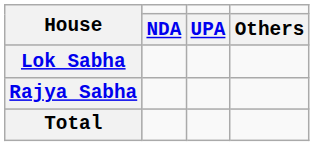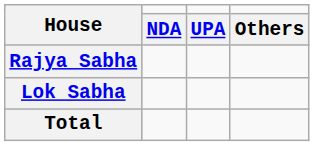 <table class="wikitable sortable">
 <tr>
 <th rowspan="2">House</th>
 <td></td>
 <td></td>
 <td></td>
 </tr>
 <tr>
 <th><a href='#'>NDA</a></th>
 <th><a href='#'>UPA</a></th>
 <th>Others</th>
 </tr>
 <tr>
-<th><a href='#'>Lok Sabha</a></th>
+<th><a href='#'>Rajya Sabha</a></th>
 <td></td>
 <td></td>
 <td></td>
 </tr>
 <tr>
-<th><a href='#'>Rajya Sabha</a></th>
+<th><a href='#'>Lok Sabha</a></th>
 <td></td>
 <td></td>
 <td></td>
 </tr>
 <tr>
 <th>Total</th>
 <td></td>
 <td></td>
 <td></td>
 </tr>
 </table>
